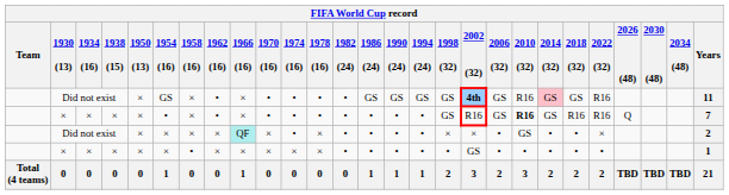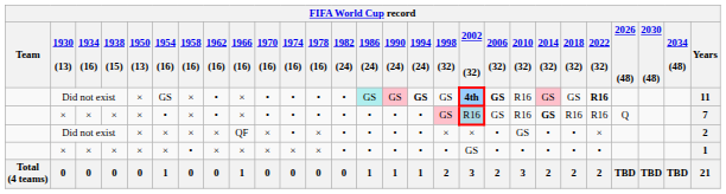 <table class="wikitable" style="text-align:center; font-size:85%;">
 <tr>
 <th colspan=27><a href='#'>FIFA World Cup</a> record</th>
 </tr>
 <tr>
 <th>Team</th>
 <th><a href='#'>1930</a><br><br>(13)</th>
 <th><a href='#'>1934</a><br><br>(16)</th>
 <th><a href='#'>1938</a><br><br>(15)</th>
 <th><a href='#'>1950</a><br><br>(13)</th>
 <th><a href='#'>1954</a><br><br>(16)</th>
 <th><a href='#'>1958</a><br><br>(16)</th>
 <th><a href='#'>1962</a><br><br>(16)</th>
 <th><a href='#'>1966</a><br><br>(16)</th>
 <th><a href='#'>1970</a><br><br>(16)</th>
 <th><a href='#'>1974</a><br><br>(16)</th>
 <th><a href='#'>1978</a><br><br>(16)</th>
 <th><a href='#'>1982</a><br><br>(24)</th>
 <th><a href='#'>1986</a><br><br>(24)</th>
 <th><a href='#'>1990</a><br><br>(24)</th>
 <th><a href='#'>1994</a><br><br>(24)</th>
 <th><a href='#'>1998</a><br><br>(32)</th>
 <th><a href='#'>2002</a><br><br><br>(32)</th>
 <th><a href='#'>2006</a><br><br>(32)</th>
 <th><a href='#'>2010</a><br><br>(32)</th>
 <th><a href='#'>2014</a><br><br>(32)</th>
 <th><a href='#'>2018</a><br><br>(32)</th>
 <th><a href='#'>2022</a><br><br>(32)</th>
 <th><a href='#'>2026</a><br><br><br><br>(48)</th>
 <th><a href='#'>2030</a><br><br><br><br>(48)</th>
 <th><a href='#'>2034</a><br><br>(48)</th>
 <th>Years</th>
 </tr>
 <tr>
 <td align=left></td>
 <td colspan=3>Did not exist</td>
 <td>×</td>
 <td>GS</td>
 <td>×</td>
 <td>•</td>
 <td>×</td>
 <td>•</td>
 <td>•</td>
 <td>•</td>
 <td>•</td>
-<td>GS</td>
-<td>GS</td>
-<td>GS</td>
+<td style="background: paleturquoise;">GS</td>
+<td style="background: pink;">GS</td>
+<td><strong>GS</strong></td>
 <td>GS</td>
 <td style="border:3px solid red; background:#9acdff;"><strong>4th</strong></td>
-<td>GS</td>
+<td><strong>GS</strong></td>
 <td>R16</td>
 <td style="background: pink;">GS</td>
 <td>GS</td>
-<td>R16</td>
+<td><strong>R16</strong></td>
 <td></td>
 <td></td>
 <td></td>
 <th>11</th>
 </tr>
 <tr>
 <td align=left></td>
 <td>×</td>
 <td>×</td>
 <td>×</td>
 <td>×</td>
 <td>•</td>
 <td>×</td>
 <td>•</td>
 <td>×</td>
 <td>•</td>
 <td>•</td>
 <td>•</td>
 <td>•</td>
 <td>•</td>
 <td>•</td>
 <td>•</td>
+<td style="background: pink;">GS</td>
+<td style="background: lightblue; border:3px solid red;">R16</td>
 <td>GS</td>
-<td style="border:3px solid red;">R16</td>
-<td>GS</td>
-<td><strong>R16</strong></td>
-<td>GS</td>
+<td>R16</td>
+<td><strong>GS</strong></td>
 <td>R16</td>
 <td>R16</td>
 <td>Q</td>
 <td></td>
 <td></td>
 <th>7</th>
 </tr>
 <tr>
 <td align=left></td>
 <td colspan=3>Did not exist</td>
 <td>×</td>
 <td>×</td>
 <td>×</td>
 <td>×</td>
-<td style="background: paleturquoise;">QF</td>
+<td>QF</td>
 <td>×</td>
 <td>•</td>
 <td>×</td>
 <td>•</td>
 <td>•</td>
 <td>•</td>
 <td>•</td>
 <td>×</td>
 <td>×</td>
 <td>•</td>
 <td>GS</td>
 <td>•</td>
 <td>•</td>
 <td>×</td>
 <td></td>
 <td></td>
 <td></td>
 <th>2</th>
 </tr>
 <tr>
 <td align=left></td>
 <td>×</td>
 <td>×</td>
 <td>×</td>
 <td>×</td>
 <td>×</td>
 <td>•</td>
 <td>×</td>
 <td>×</td>
 <td>×</td>
 <td>×</td>
 <td>×</td>
 <td>•</td>
 <td>•</td>
 <td>•</td>
 <td>•</td>
 <td>•</td>
 <td>GS</td>
 <td>•</td>
 <td>•</td>
 <td>•</td>
 <td>•</td>
 <td>•</td>
 <td></td>
 <td></td>
 <td></td>
 <th>1</th>
 </tr>
 <tr>
 <th align=left><strong>Total<br>(4 teams)</strong></th>
 <th><strong>0</strong></th>
 <th><strong>0</strong></th>
 <th><strong>0</strong></th>
 <th><strong>0</strong></th>
 <th><strong>1</strong></th>
 <th><strong>0</strong></th>
 <th><strong>0</strong></th>
 <th><strong>1</strong></th>
 <th><strong>0</strong></th>
 <th><strong>0</strong></th>
 <th><strong>0</strong></th>
 <th><strong>0</strong></th>
 <th><strong>1</strong></th>
 <th><strong>1</strong></th>
 <th><strong>1</strong></th>
 <th><strong>2</strong></th>
 <th><strong>3</strong></th>
 <th><strong>2</strong></th>
 <th><strong>3</strong></th>
 <th><strong>2</strong></th>
 <th><strong>2</strong></th>
 <th><strong>2</strong></th>
 <th><strong>TBD</strong></th>
 <th><strong>TBD</strong></th>
 <th><strong>TBD</strong></th>
 <th><strong>21</strong></th>
 </tr>
 </table>
